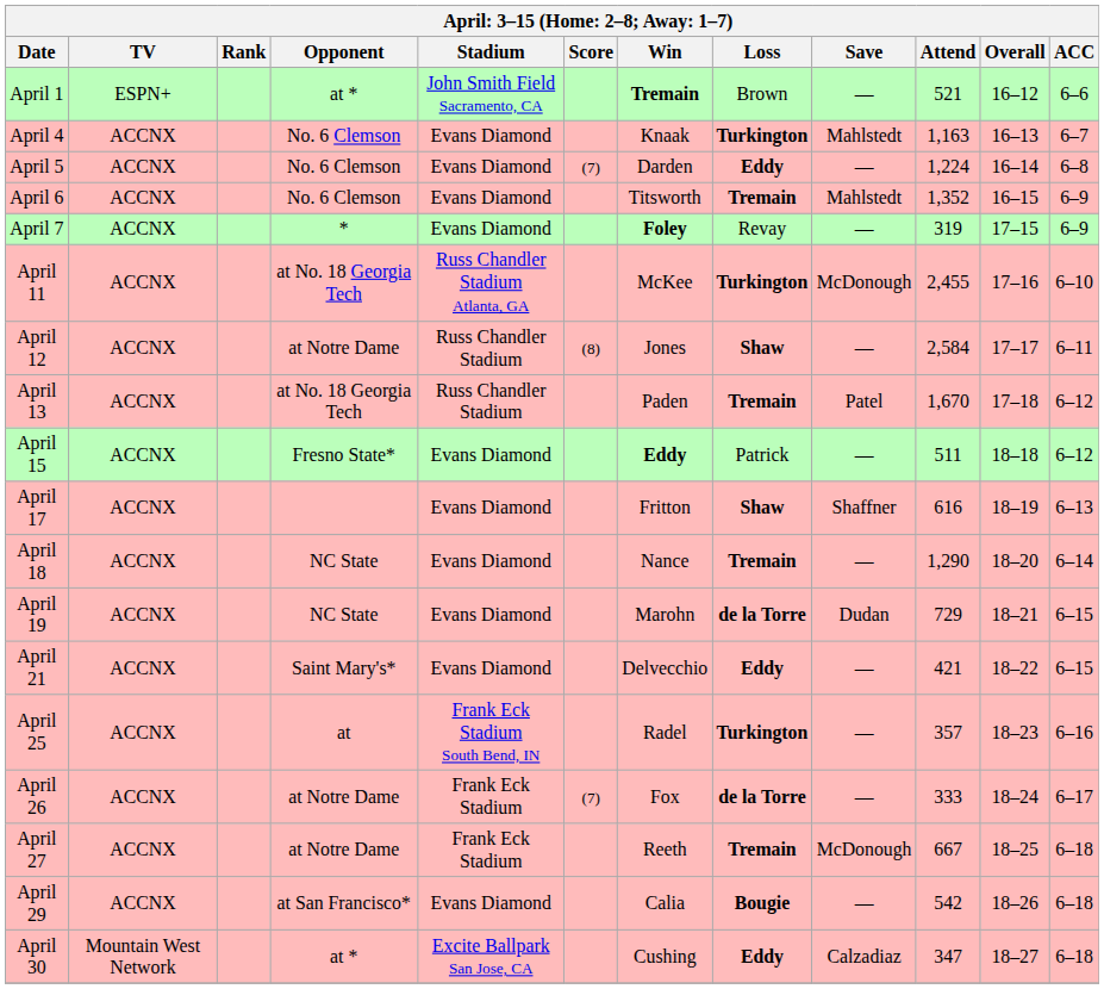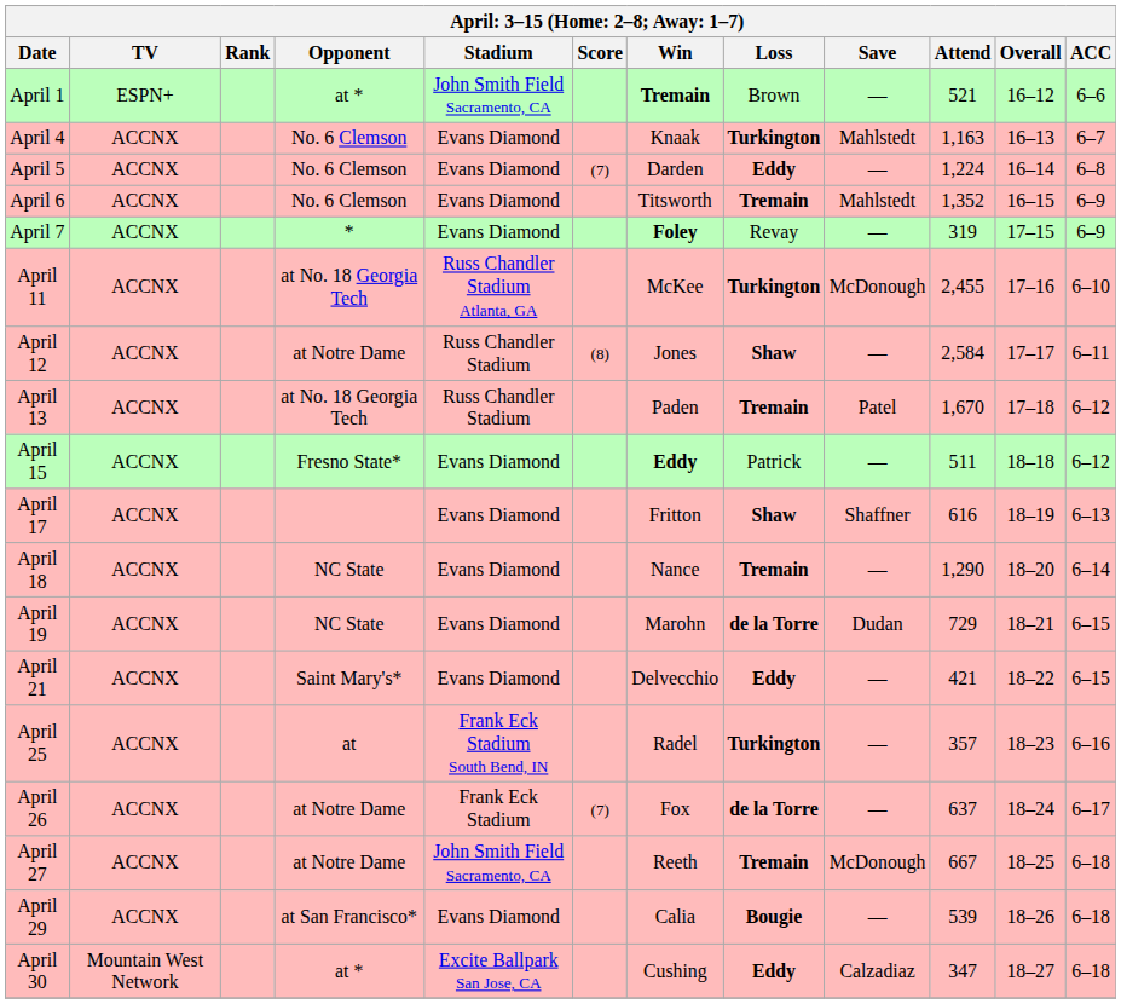 <table class="wikitable collapsible collapsed" style="margin:auto; width:100%; text-align:center; font-size:95%">
 <tr>
 <th colspan=12 style="padding-left:4em;">April: 3–15 (Home: 2–8; Away: 1–7)</th>
 </tr>
 <tr>
 <th>Date</th>
 <th>TV</th>
 <th>Rank</th>
 <th>Opponent</th>
 <th>Stadium</th>
 <th>Score</th>
 <th>Win</th>
 <th>Loss</th>
 <th>Save</th>
 <th>Attend</th>
 <th>Overall</th>
 <th>ACC</th>
 </tr>
 <tr style="background:#bfb">
 <td>April 1</td>
 <td>ESPN+</td>
 <td></td>
 <td>at *</td>
 <td><a href='#'>John Smith Field</a><br><small><a href='#'>Sacramento, CA</a></small></td>
 <td></td>
 <td><strong>Tremain</strong></td>
 <td>Brown</td>
 <td>—</td>
 <td>521</td>
 <td>16–12</td>
 <td>6–6</td>
 </tr>
 <tr style="background:#fbb">
 <td>April 4</td>
 <td>ACCNX</td>
 <td></td>
 <td>No. 6 <a href='#'>Clemson</a></td>
 <td>Evans Diamond</td>
 <td></td>
 <td>Knaak</td>
 <td><strong>Turkington</strong></td>
 <td>Mahlstedt</td>
 <td>1,163</td>
 <td>16–13</td>
 <td>6–7</td>
 </tr>
 <tr style="background:#fbb">
 <td>April 5</td>
 <td>ACCNX</td>
 <td></td>
 <td>No. 6 Clemson</td>
 <td>Evans Diamond</td>
 <td> <small>(7)</small></td>
 <td>Darden</td>
 <td><strong>Eddy</strong></td>
 <td>—</td>
 <td>1,224</td>
 <td>16–14</td>
 <td>6–8</td>
 </tr>
 <tr style="background:#fbb">
 <td>April 6</td>
 <td>ACCNX</td>
 <td></td>
 <td>No. 6 Clemson</td>
 <td>Evans Diamond</td>
 <td></td>
 <td>Titsworth</td>
 <td><strong>Tremain</strong></td>
 <td>Mahlstedt</td>
 <td>1,352</td>
 <td>16–15</td>
 <td>6–9</td>
 </tr>
 <tr style="background:#bfb">
 <td>April 7</td>
 <td>ACCNX</td>
 <td></td>
 <td>*</td>
 <td>Evans Diamond</td>
 <td></td>
 <td><strong>Foley</strong></td>
 <td>Revay</td>
 <td>—</td>
 <td>319</td>
 <td>17–15</td>
 <td>6–9</td>
 </tr>
 <tr style="background:#fbb">
 <td>April 11</td>
 <td>ACCNX</td>
 <td></td>
 <td>at No. 18 <a href='#'>Georgia Tech</a></td>
 <td><a href='#'>Russ Chandler Stadium</a><br><small><a href='#'>Atlanta, GA</a></small></td>
 <td></td>
 <td>McKee</td>
 <td><strong>Turkington</strong></td>
 <td>McDonough</td>
 <td>2,455</td>
 <td>17–16</td>
 <td>6–10</td>
 </tr>
 <tr style="background:#fbb">
 <td>April 12</td>
 <td>ACCNX</td>
 <td></td>
 <td>at Notre Dame</td>
 <td>Russ Chandler Stadium</td>
 <td> <small>(8)</small></td>
 <td>Jones</td>
 <td><strong>Shaw</strong></td>
 <td>—</td>
 <td>2,584</td>
 <td>17–17</td>
 <td>6–11</td>
 </tr>
 <tr style="background:#fbb">
 <td>April 13</td>
 <td>ACCNX</td>
 <td></td>
 <td>at No. 18 Georgia Tech</td>
 <td>Russ Chandler Stadium</td>
 <td></td>
 <td>Paden</td>
 <td><strong>Tremain</strong></td>
 <td>Patel</td>
 <td>1,670</td>
 <td>17–18</td>
 <td>6–12</td>
 </tr>
 <tr style="background:#bfb">
 <td>April 15</td>
 <td>ACCNX</td>
 <td></td>
 <td>Fresno State*</td>
 <td>Evans Diamond</td>
 <td></td>
 <td><strong>Eddy</strong></td>
 <td>Patrick</td>
 <td>—</td>
 <td>511</td>
 <td>18–18</td>
 <td>6–12</td>
 </tr>
 <tr style="background:#fbb">
 <td>April 17</td>
 <td>ACCNX</td>
 <td></td>
 <td></td>
 <td>Evans Diamond</td>
 <td></td>
 <td>Fritton</td>
 <td><strong>Shaw</strong></td>
 <td>Shaffner</td>
 <td>616</td>
 <td>18–19</td>
 <td>6–13</td>
 </tr>
 <tr style="background:#fbb">
 <td>April 18</td>
 <td>ACCNX</td>
 <td></td>
 <td>NC State</td>
 <td>Evans Diamond</td>
 <td></td>
 <td>Nance</td>
 <td><strong>Tremain</strong></td>
 <td>—</td>
 <td>1,290</td>
 <td>18–20</td>
 <td>6–14</td>
 </tr>
 <tr style="background:#fbb">
 <td>April 19</td>
 <td>ACCNX</td>
 <td></td>
 <td>NC State</td>
 <td>Evans Diamond</td>
 <td></td>
 <td>Marohn</td>
 <td><strong>de la Torre</strong></td>
 <td>Dudan</td>
 <td>729</td>
 <td>18–21</td>
 <td>6–15</td>
 </tr>
 <tr style="background:#fbb">
 <td>April 21</td>
 <td>ACCNX</td>
 <td></td>
 <td>Saint Mary's*</td>
 <td>Evans Diamond</td>
 <td></td>
 <td>Delvecchio</td>
 <td><strong>Eddy</strong></td>
 <td>—</td>
 <td>421</td>
 <td>18–22</td>
 <td>6–15</td>
 </tr>
 <tr style="background:#fbb">
 <td>April 25</td>
 <td>ACCNX</td>
 <td></td>
 <td>at </td>
 <td><a href='#'>Frank Eck Stadium</a><br><small><a href='#'>South Bend, IN</a></small></td>
 <td></td>
 <td>Radel</td>
 <td><strong>Turkington</strong></td>
 <td>—</td>
 <td>357</td>
 <td>18–23</td>
 <td>6–16</td>
 </tr>
 <tr style="background:#fbb">
 <td>April 26</td>
 <td>ACCNX</td>
 <td></td>
 <td>at Notre Dame</td>
 <td>Frank Eck Stadium</td>
 <td> <small>(7)</small></td>
 <td>Fox</td>
 <td><strong>de la Torre</strong></td>
 <td>—</td>
-<td>333</td>
+<td>637</td>
 <td>18–24</td>
 <td>6–17</td>
 </tr>
 <tr style="background:#fbb">
 <td>April 27</td>
 <td>ACCNX</td>
 <td></td>
 <td>at Notre Dame</td>
-<td>Frank Eck Stadium</td>
+<td><a href='#'>John Smith Field</a><br><small><a href='#'>Sacramento, CA</a></small></td>
 <td></td>
 <td>Reeth</td>
 <td><strong>Tremain</strong></td>
 <td>McDonough</td>
 <td>667</td>
 <td>18–25</td>
 <td>6–18</td>
 </tr>
 <tr style="background:#fbb">
 <td>April 29</td>
 <td>ACCNX</td>
 <td></td>
 <td>at San Francisco*</td>
 <td>Evans Diamond</td>
 <td></td>
 <td>Calia</td>
 <td><strong>Bougie</strong></td>
 <td>—</td>
-<td>542</td>
+<td>539</td>
 <td>18–26</td>
 <td>6–18</td>
 </tr>
 <tr style="background:#fbb">
 <td>April 30</td>
 <td>Mountain West Network</td>
 <td></td>
 <td>at *</td>
 <td><a href='#'>Excite Ballpark</a><br><small><a href='#'>San Jose, CA</a></small></td>
 <td></td>
 <td>Cushing</td>
 <td><strong>Eddy</strong></td>
 <td>Calzadiaz</td>
 <td>347</td>
 <td>18–27</td>
 <td>6–18</td>
 </tr>
 <tr>
 </tr>
 </table>
